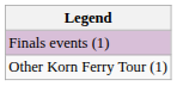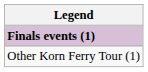 <table class="wikitable" style="font-size:95%;">
 <tr>
 <th>Legend</th>
 </tr>
 <tr style="background:#D8BFD8;">
-<td>Finals events (1)</td>
+<td><strong>Finals events (1)</strong></td>
 </tr>
 <tr>
 <td>Other Korn Ferry Tour (1)</td>
 </tr>
 </table>
